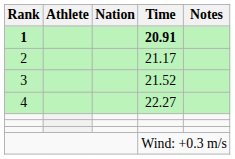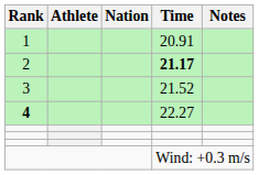 <table class="wikitable plainrowheaders sortable" style="text-align:center;">
 <tr>
 <th scope=col>Rank</th>
 <th scope=col>Athlete</th>
 <th scope=col>Nation</th>
 <th scope=col>Time</th>
 <th scope=col>Notes</th>
 </tr>
 <tr bgcolor=#bbf3bb>
-<td><strong>1</strong></td>
+<td>1</td>
 <th scope=row style="background:#bbf3bb; text-align:left;"></th>
 <td align=left></td>
-<td><strong>20.91</strong></td>
+<td>20.91</td>
 <td></td>
 </tr>
 <tr bgcolor=#bbf3bb>
 <td>2</td>
 <th scope=row style="background:#bbf3bb; text-align:left;"></th>
 <td align=left></td>
-<td>21.17</td>
+<td><strong>21.17</strong></td>
 <td></td>
 </tr>
 <tr bgcolor=#bbf3bb>
 <td>3</td>
 <th scope=row style="background:#bbf3bb; text-align:left;"></th>
 <td align=left></td>
 <td>21.52</td>
 <td></td>
 </tr>
 <tr bgcolor=#bbf3bb>
-<td>4</td>
+<td><strong>4</strong></td>
 <th scope=row style="background:#bbf3bb; text-align:left;"></th>
 <td align=left></td>
 <td>22.27</td>
 <td></td>
 </tr>
 <tr>
 <td></td>
 <th scope=row style=text-align:left;></th>
 <td align=left></td>
 <td></td>
 <td></td>
 </tr>
 <tr>
 <td></td>
 <th scope=row style=text-align:left;></th>
 <td align=left></td>
 <td></td>
 <td></td>
 </tr>
 <tr>
 <td></td>
 <th scope=row style=text-align:left;></th>
 <td align=left></td>
 <td></td>
 <td></td>
 </tr>
 <tr class=sortbottom>
 <td colspan=3></td>
 <td colspan=2 style=text-align:left;>Wind: +0.3 m/s</td>
 </tr>
 </table>
